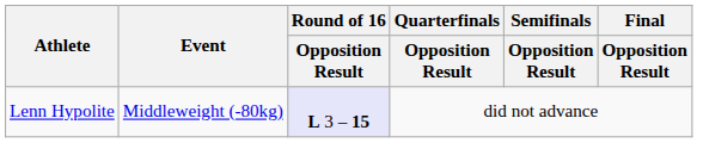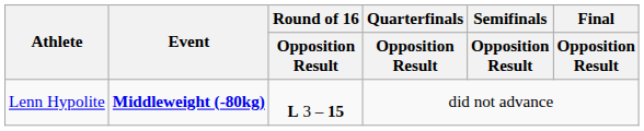 <table class="wikitable" style="font-size:90%">
 <tr>
 <th rowspan=2>Athlete</th>
 <th rowspan=2>Event</th>
 <th>Round of 16</th>
 <th>Quarterfinals</th>
 <th>Semifinals</th>
 <th>Final</th>
 </tr>
 <tr>
 <th>Opposition<br>Result</th>
 <th>Opposition<br>Result</th>
 <th>Opposition<br>Result</th>
 <th>Opposition<br>Result</th>
 </tr>
 <tr>
 <td><a href='#'>Lenn Hypolite</a></td>
-<td><a href='#'>Middleweight (-80kg)</a></td>
-<td align=center style="background: lavender;"><br><strong>L</strong> 3 – <strong>15</strong></td>
+<td><strong><a href='#'>Middleweight (-80kg)</a></strong></td>
+<td align=center><br><strong>L</strong> 3 – <strong>15</strong></td>
 <td align=center colspan="7">did not advance</td>
 </tr>
 </table>
